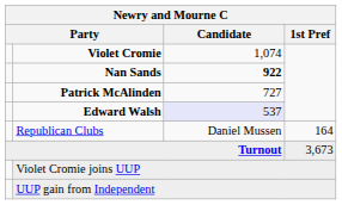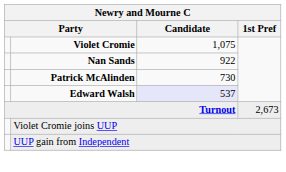 <table class="wikitable">
 <tr>
 <th colspan="4" align="center">Newry and Mourne C</th>
 </tr>
 <tr>
 <th colspan="2" align="center" width=200>Party</th>
 <th width=150>Candidate</th>
 <th width=60>1st Pref</th>
 </tr>
 <tr>
 <td></td>
 <td align="right"><strong>Violet Cromie</strong></td>
-<td align="right">1,074</td>
+<td align="right">1,075</td>
 </tr>
 <tr>
 <td></td>
 <td align="right"><strong>Nan Sands</strong></td>
-<td align="right"><strong>922</strong></td>
+<td align="right">922</td>
 </tr>
 <tr>
 <td></td>
 <td align="right"><strong>Patrick McAlinden</strong></td>
-<td align="right">727</td>
+<td align="right">730</td>
 </tr>
 <tr>
 <td></td>
 <td align="right"><strong>Edward Walsh</strong></td>
 <td align="right" style="background: lavender;">537</td>
 </tr>
-<tr>
-<td style="background-color: "></td>
-<td><a href='#'>Republican Clubs</a></td>
-<td align="right">Daniel Mussen</td>
-<td align="right">164</td>
-</tr>
 <tr bgcolor="EEEEEE">
 <td colspan=3 align="right"><strong><a href='#'>Turnout</a></strong></td>
-<td align="right">3,673</td>
+<td align="right">2,673</td>
 </tr>
 <tr>
 <td bgcolor=></td>
 <td colspan=3 bgcolor="EEEEEE">Violet Cromie joins <a href='#'>UUP</a></td>
 </tr>
 <tr>
 <td bgcolor=></td>
 <td colspan=3 bgcolor="EEEEEE"><a href='#'>UUP</a> gain from <a href='#'>Independent</a></td>
 </tr>
 </table>
